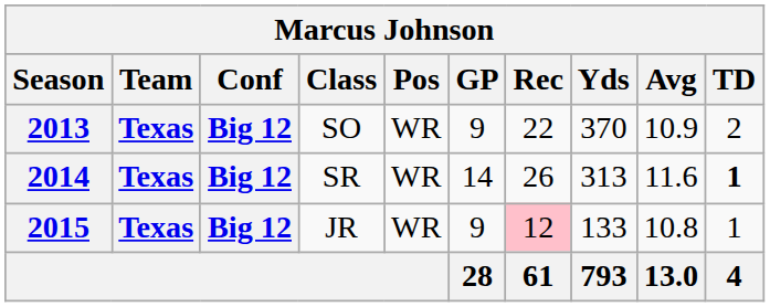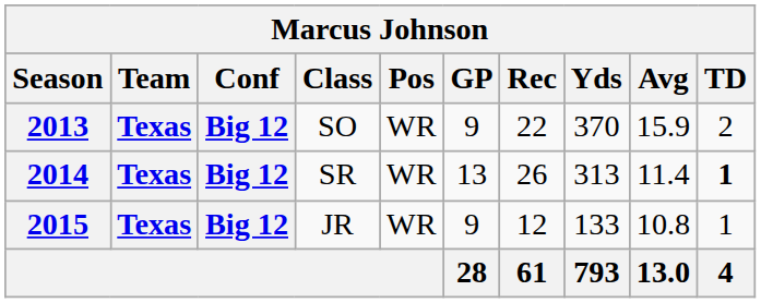 <table class="wikitable" style="text-align: center;">
 <tr>
 <th colspan="10">Marcus Johnson</th>
 </tr>
 <tr>
 <th>Season</th>
 <th>Team</th>
 <th>Conf</th>
 <th>Class</th>
 <th>Pos</th>
 <th>GP</th>
 <th>Rec</th>
 <th>Yds</th>
 <th>Avg</th>
 <th>TD</th>
 </tr>
 <tr>
 <th><a href='#'>2013</a></th>
 <th><a href='#'>Texas</a></th>
 <th><a href='#'>Big 12</a></th>
 <td>SO</td>
 <td>WR</td>
 <td>9</td>
 <td>22</td>
 <td>370</td>
-<td>10.9</td>
+<td>15.9</td>
 <td>2</td>
 </tr>
 <tr>
 <th><a href='#'>2014</a></th>
 <th><a href='#'>Texas</a></th>
 <th><a href='#'>Big 12</a></th>
 <td>SR</td>
 <td>WR</td>
-<td>14</td>
+<td>13</td>
 <td>26</td>
 <td>313</td>
-<td>11.6</td>
+<td>11.4</td>
 <td><strong>1</strong></td>
 </tr>
 <tr>
 <th><a href='#'>2015</a></th>
 <th><a href='#'>Texas</a></th>
 <th><a href='#'>Big 12</a></th>
 <td>JR</td>
 <td>WR</td>
 <td>9</td>
-<td style="background: pink;">12</td>
+<td>12</td>
 <td>133</td>
 <td>10.8</td>
 <td>1</td>
 </tr>
 <tr>
 <th colspan="5"></th>
 <th>28</th>
 <th>61</th>
 <th>793</th>
 <th>13.0</th>
 <th>4</th>
 </tr>
 </table>
